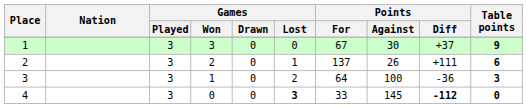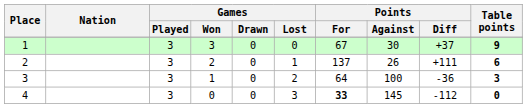 <table class="wikitable">
 <tr>
 <th rowspan=2 width="8%">Place</th>
 <th rowspan=2 width="20%">Nation</th>
 <th colspan=4 width="32%">Games</th>
 <th colspan=3 width="30%">Points</th>
 <th rowspan=2 width="10%">Table<br>points</th>
 </tr>
 <tr>
 <th width="8%">Played</th>
 <th width="8%">Won</th>
 <th width="8%">Drawn</th>
 <th width="8%">Lost</th>
 <th width="10%">For</th>
 <th width="10%">Against</th>
 <th width="10%">Diff</th>
 </tr>
 <tr>
 </tr>
 <tr bgcolor=ccffcc align=center>
 <td>1</td>
 <td align=left></td>
 <td>3</td>
 <td>3</td>
 <td>0</td>
 <td>0</td>
 <td>67</td>
 <td>30</td>
 <td>+37</td>
 <td><strong>9</strong></td>
 </tr>
 <tr bgcolor=#ffffff align=center>
 <td>2</td>
 <td align=left></td>
 <td>3</td>
 <td>2</td>
 <td>0</td>
 <td>1</td>
 <td>137</td>
 <td>26</td>
 <td>+111</td>
 <td><strong>6</strong></td>
 </tr>
 <tr bgcolor=#ffffff align=center>
 <td>3</td>
 <td align=left></td>
 <td>3</td>
 <td>1</td>
 <td>0</td>
 <td>2</td>
 <td>64</td>
 <td>100</td>
 <td>-36</td>
 <td><strong>3</strong></td>
 </tr>
 <tr bgcolor=#ffffff align=center>
 <td>4</td>
 <td align=left></td>
 <td>3</td>
 <td>0</td>
 <td>0</td>
-<td><strong>3</strong></td>
-<td>33</td>
+<td>3</td>
+<td><strong>33</strong></td>
 <td>145</td>
-<td><strong>-112</strong></td>
+<td>-112</td>
 <td><strong>0</strong></td>
 </tr>
 </table>
